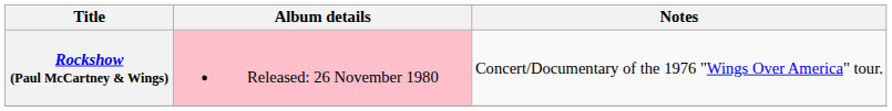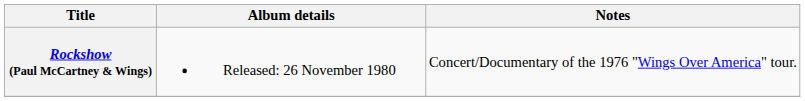 <table class="wikitable plainrowheaders" style="text-align:center;">
 <tr>
 <th scope="col" style="width:10em">Title</th>
 <th scope="col" style="width:18em">Album details</th>
 <th scope="col">Notes</th>
 </tr>
 <tr>
 <th scope="row"><em><a href='#'>Rockshow</a></em><br><small>(Paul McCartney & Wings)</small></th>
-<td style="background: pink;"><br><ul><li>Released: 26 November 1980</li></ul></td>
+<td><br><ul><li>Released: 26 November 1980</li></ul></td>
 <td>Concert/Documentary of the 1976 "<a href='#'>Wings Over America</a>" tour.</td>
 </tr>
 <tr>
 </tr>
 </table>
